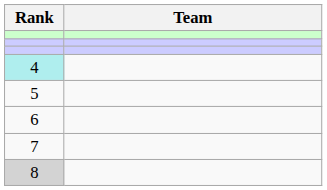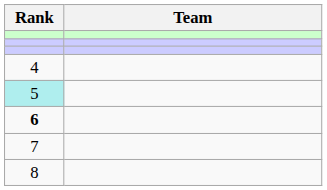 <table class="wikitable" style="text-align: center;">
 <tr>
 <th width="50">Rank</th>
 <th width="240">Team</th>
 </tr>
 <tr bgcolor="ccffcc">
 <td></td>
 <td align="left"></td>
 </tr>
 <tr bgcolor="ccccff">
 <td></td>
 <td align="left"></td>
 </tr>
 <tr bgcolor="ccccff">
 <td></td>
 <td align="left"></td>
 </tr>
 <tr>
-<td style="background: paleturquoise;">4</td>
+<td>4</td>
 <td align="left"></td>
 </tr>
 <tr>
-<td>5</td>
+<td style="background: paleturquoise;">5</td>
 <td align="left"></td>
 </tr>
 <tr>
-<td>6</td>
+<td><strong>6</strong></td>
 <td align="left"></td>
 </tr>
 <tr>
 <td>7</td>
 <td align="left"></td>
 </tr>
 <tr>
-<td style="background: lightgrey;">8</td>
+<td>8</td>
 <td align="left"></td>
 </tr>
 </table>
